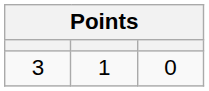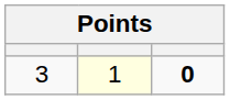 <table class="wikitable" style="text-align: center;">
 <tr>
 <th colspan=10><strong>Points</strong></th>
 </tr>
 <tr>
 <th style="width: 40px;"></th>
 <th style="width: 40px;"></th>
 <th style="width: 40px;"></th>
 </tr>
 <tr>
 <td>3</td>
-<td>1</td>
-<td>0</td>
+<td style="background: lightyellow;">1</td>
+<td><strong>0</strong></td>
 </tr>
 </table>
